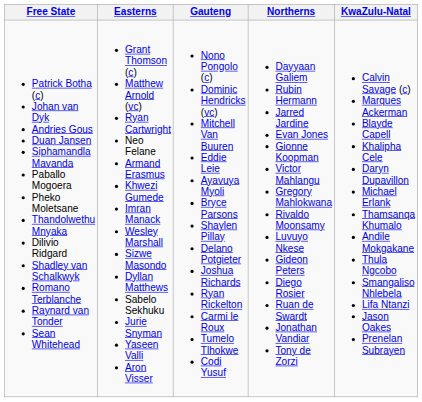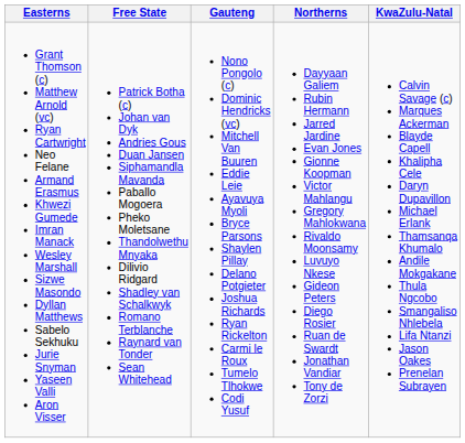 <table class="wikitable">
 <tr>
+<th width=300><a href='#'>Easterns</a></th>
 <th width=300><a href='#'>Free State</a></th>
-<th width=300><a href='#'>Easterns</a></th>
 <th width=300><a href='#'>Gauteng</a></th>
 <th width=300><a href='#'>Northerns</a></th>
 <th width=300><a href='#'>KwaZulu-Natal</a></th>
 </tr>
 <tr>
+<td valign=top><br><ul><li><a href='#'>Grant Thomson</a> (<a href='#'>c</a>)</li><li><a href='#'>Matthew Arnold</a> (<a href='#'>vc</a>)</li><li><a href='#'>Ryan Cartwright</a></li><li>Neo Felane</li><li><a href='#'>Armand Erasmus</a></li><li><a href='#'>Khwezi Gumede</a></li><li><a href='#'>Imran Manack</a></li><li><a href='#'>Wesley Marshall</a></li><li><a href='#'>Sizwe Masondo</a></li><li><a href='#'>Dyllan Matthews</a></li><li>Sabelo Sekhuku</li><li><a href='#'>Jurie Snyman</a></li><li><a href='#'>Yaseen Valli</a></li><li><a href='#'>Aron Visser</a></li></ul></td>
 <td><br><ul><li><a href='#'>Patrick Botha</a> (<a href='#'>c</a>)</li><li><a href='#'>Johan van Dyk</a></li><li><a href='#'>Andries Gous</a></li><li><a href='#'>Duan Jansen</a></li><li><a href='#'>Siphamandla Mavanda</a></li><li>Paballo Mogoera</li><li>Pheko Moletsane</li><li><a href='#'>Thandolwethu Mnyaka</a></li><li>Dilivio Ridgard</li><li><a href='#'>Shadley van Schalkwyk</a></li><li><a href='#'>Romano Terblanche</a></li><li><a href='#'>Raynard van Tonder</a></li><li><a href='#'>Sean Whitehead</a></li></ul></td>
-<td valign=top><br><ul><li><a href='#'>Grant Thomson</a> (<a href='#'>c</a>)</li><li><a href='#'>Matthew Arnold</a> (<a href='#'>vc</a>)</li><li><a href='#'>Ryan Cartwright</a></li><li>Neo Felane</li><li><a href='#'>Armand Erasmus</a></li><li><a href='#'>Khwezi Gumede</a></li><li><a href='#'>Imran Manack</a></li><li><a href='#'>Wesley Marshall</a></li><li><a href='#'>Sizwe Masondo</a></li><li><a href='#'>Dyllan Matthews</a></li><li>Sabelo Sekhuku</li><li><a href='#'>Jurie Snyman</a></li><li><a href='#'>Yaseen Valli</a></li><li><a href='#'>Aron Visser</a></li></ul></td>
 <td><br><ul><li><a href='#'>Nono Pongolo</a> (<a href='#'>c</a>)</li><li><a href='#'>Dominic Hendricks</a> (<a href='#'>vc</a>)</li><li><a href='#'>Mitchell Van Buuren</a></li><li><a href='#'>Eddie Leie</a></li><li><a href='#'>Ayavuya Myoli</a></li><li><a href='#'>Bryce Parsons</a></li><li><a href='#'>Shaylen Pillay</a></li><li><a href='#'>Delano Potgieter</a></li><li><a href='#'>Joshua Richards</a></li><li><a href='#'>Ryan Rickelton</a></li><li><a href='#'>Carmi le Roux</a></li><li><a href='#'>Tumelo Tlhokwe</a></li><li><a href='#'>Codi Yusuf</a></li></ul></td>
 <td><br><ul><li><a href='#'>Dayyaan Galiem</a></li><li><a href='#'>Rubin Hermann</a></li><li><a href='#'>Jarred Jardine</a></li><li><a href='#'>Evan Jones</a></li><li><a href='#'>Gionne Koopman</a></li><li><a href='#'>Victor Mahlangu</a></li><li><a href='#'>Gregory Mahlokwana</a></li><li><a href='#'>Rivaldo Moonsamy</a></li><li><a href='#'>Luvuyo Nkese</a></li><li><a href='#'>Gideon Peters</a></li><li><a href='#'>Diego Rosier</a></li><li><a href='#'>Ruan de Swardt</a></li><li><a href='#'>Jonathan Vandiar</a></li><li><a href='#'>Tony de Zorzi</a></li></ul></td>
 <td><br><ul><li><a href='#'>Calvin Savage</a> (<a href='#'>c</a>)</li><li><a href='#'>Marques Ackerman</a></li><li><a href='#'>Blayde Capell</a></li><li><a href='#'>Khalipha Cele</a></li><li><a href='#'>Daryn Dupavillon</a></li><li><a href='#'>Michael Erlank</a></li><li><a href='#'>Thamsanqa Khumalo</a></li><li><a href='#'>Andile Mokgakane</a></li><li><a href='#'>Thula Ngcobo</a></li><li><a href='#'>Smangaliso Nhlebela</a></li><li><a href='#'>Lifa Ntanzi</a></li><li><a href='#'>Jason Oakes</a></li><li><a href='#'>Prenelan Subrayen</a></li></ul></td>
 </tr>
 </table>
